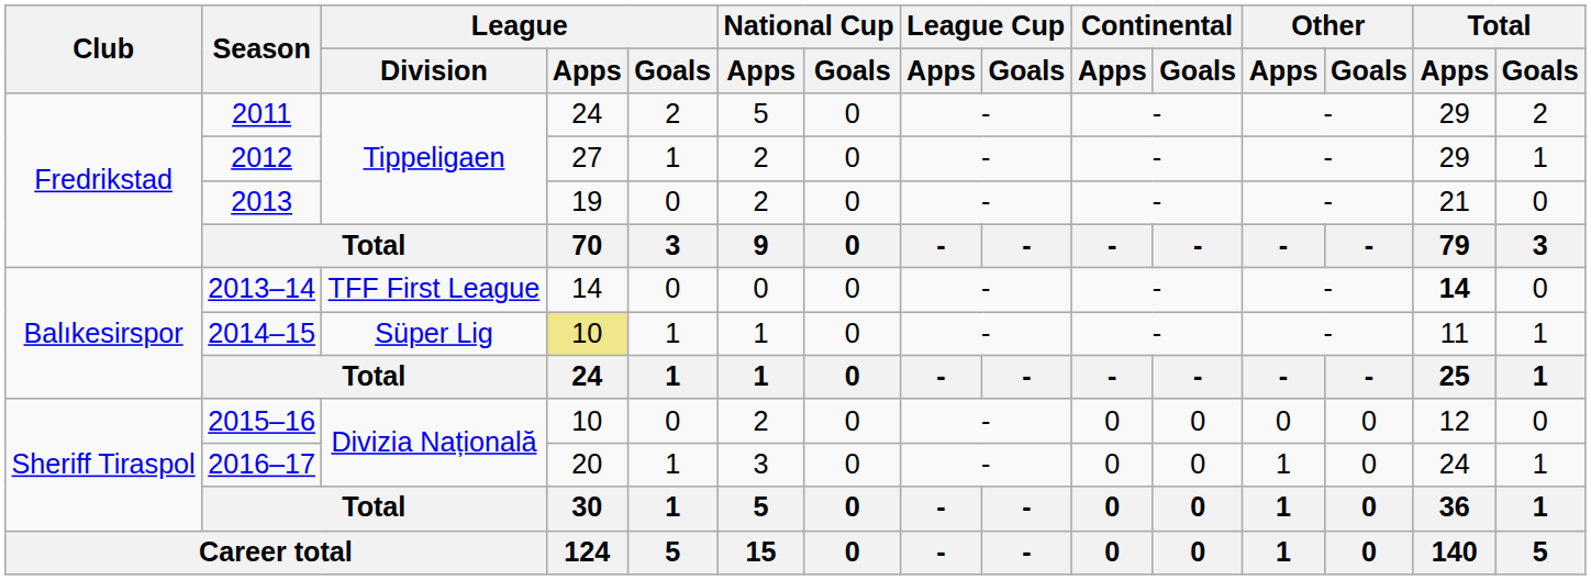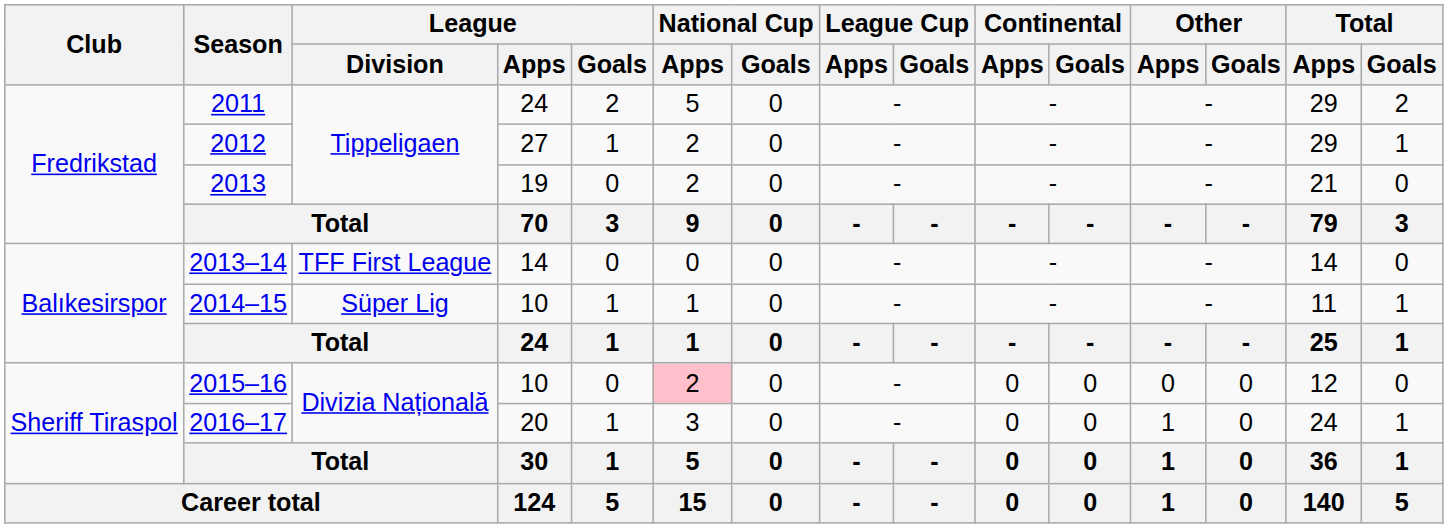 <table class="wikitable" style="text-align: center;">
 <tr>
 <th rowspan="2">Club</th>
 <th rowspan="2">Season</th>
 <th colspan="3">League</th>
 <th colspan="2">National Cup</th>
 <th colspan="2">League Cup</th>
 <th colspan="2">Continental</th>
 <th colspan="2">Other</th>
 <th colspan="2">Total</th>
 </tr>
 <tr>
 <th>Division</th>
 <th>Apps</th>
 <th>Goals</th>
 <th>Apps</th>
 <th>Goals</th>
 <th>Apps</th>
 <th>Goals</th>
 <th>Apps</th>
 <th>Goals</th>
 <th>Apps</th>
 <th>Goals</th>
 <th>Apps</th>
 <th>Goals</th>
 </tr>
 <tr>
 <td rowspan="4" valign="center"><a href='#'>Fredrikstad</a></td>
 <td><a href='#'>2011</a></td>
 <td rowspan="3" valign="center"><a href='#'>Tippeligaen</a></td>
 <td>24</td>
 <td>2</td>
 <td>5</td>
 <td>0</td>
 <td colspan="2">-</td>
 <td colspan="2">-</td>
 <td colspan="2">-</td>
 <td>29</td>
 <td>2</td>
 </tr>
 <tr>
 <td><a href='#'>2012</a></td>
 <td>27</td>
 <td>1</td>
 <td>2</td>
 <td>0</td>
 <td colspan="2">-</td>
 <td colspan="2">-</td>
 <td colspan="2">-</td>
 <td>29</td>
 <td>1</td>
 </tr>
 <tr>
 <td><a href='#'>2013</a></td>
 <td>19</td>
 <td>0</td>
 <td>2</td>
 <td>0</td>
 <td colspan="2">-</td>
 <td colspan="2">-</td>
 <td colspan="2">-</td>
 <td>21</td>
 <td>0</td>
 </tr>
 <tr>
 <th colspan="2">Total</th>
 <th>70</th>
 <th>3</th>
 <th>9</th>
 <th>0</th>
 <th>-</th>
 <th>-</th>
 <th>-</th>
 <th>-</th>
 <th>-</th>
 <th>-</th>
 <th>79</th>
 <th>3</th>
 </tr>
 <tr>
 <td rowspan="3" valign="center"><a href='#'>Balıkesirspor</a></td>
 <td><a href='#'>2013–14</a></td>
 <td><a href='#'>TFF First League</a></td>
 <td>14</td>
 <td>0</td>
 <td>0</td>
 <td>0</td>
 <td colspan="2">-</td>
 <td colspan="2">-</td>
 <td colspan="2">-</td>
-<td><strong>14</strong></td>
+<td>14</td>
 <td>0</td>
 </tr>
 <tr>
 <td><a href='#'>2014–15</a></td>
 <td><a href='#'>Süper Lig</a></td>
-<td style="background: khaki;">10</td>
+<td>10</td>
 <td>1</td>
 <td>1</td>
 <td>0</td>
 <td colspan="2">-</td>
 <td colspan="2">-</td>
 <td colspan="2">-</td>
 <td>11</td>
 <td>1</td>
 </tr>
 <tr>
 <th colspan="2">Total</th>
 <th>24</th>
 <th>1</th>
 <th>1</th>
 <th>0</th>
 <th>-</th>
 <th>-</th>
 <th>-</th>
 <th>-</th>
 <th>-</th>
 <th>-</th>
 <th>25</th>
 <th>1</th>
 </tr>
 <tr>
 <td rowspan="3" valign="center"><a href='#'>Sheriff Tiraspol</a></td>
 <td><a href='#'>2015–16</a></td>
 <td rowspan="2" valign="center"><a href='#'>Divizia Națională</a></td>
 <td>10</td>
 <td>0</td>
-<td>2</td>
+<td style="background: pink;">2</td>
 <td>0</td>
 <td colspan="2">-</td>
 <td>0</td>
 <td>0</td>
 <td>0</td>
 <td>0</td>
 <td>12</td>
 <td>0</td>
 </tr>
 <tr>
 <td><a href='#'>2016–17</a></td>
 <td>20</td>
 <td>1</td>
 <td>3</td>
 <td>0</td>
 <td colspan="2">-</td>
 <td>0</td>
 <td>0</td>
 <td>1</td>
 <td>0</td>
 <td>24</td>
 <td>1</td>
 </tr>
 <tr>
 <th colspan="2">Total</th>
 <th>30</th>
 <th>1</th>
 <th>5</th>
 <th>0</th>
 <th>-</th>
 <th>-</th>
 <th>0</th>
 <th>0</th>
 <th>1</th>
 <th>0</th>
 <th>36</th>
 <th>1</th>
 </tr>
 <tr>
 <th colspan="3">Career total</th>
 <th>124</th>
 <th>5</th>
 <th>15</th>
 <th>0</th>
 <th>-</th>
 <th>-</th>
 <th>0</th>
 <th>0</th>
 <th>1</th>
 <th>0</th>
 <th>140</th>
 <th>5</th>
 </tr>
 </table>
